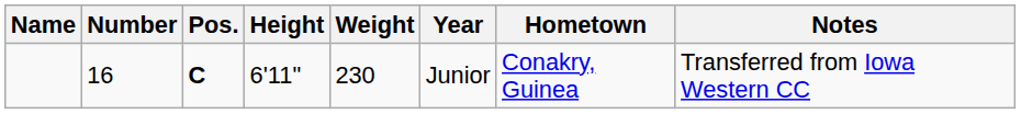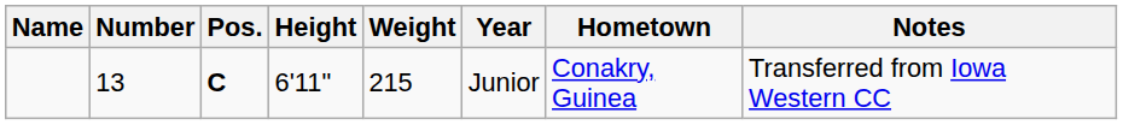 <table class="wikitable sortable" style="font-size:90%;" border="1">
 <tr>
 <th>Name</th>
 <th>Number</th>
 <th>Pos.</th>
 <th>Height</th>
 <th>Weight</th>
 <th>Year</th>
 <th>Hometown</th>
 <th class="unsortable">Notes</th>
 </tr>
 <tr>
 <td></td>
-<td>16</td>
+<td>13</td>
 <td><strong>C</strong></td>
 <td>6'11"</td>
-<td>230</td>
+<td>215</td>
 <td>Junior</td>
 <td><a href='#'>Conakry, Guinea</a></td>
 <td>Transferred from <a href='#'>Iowa Western CC</a></td>
 </tr>
 </table>
